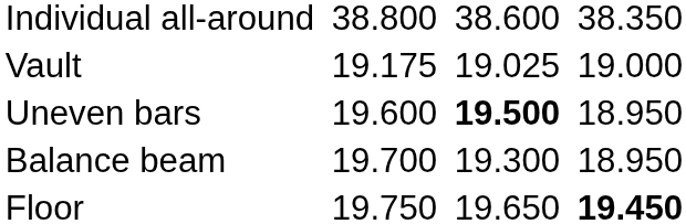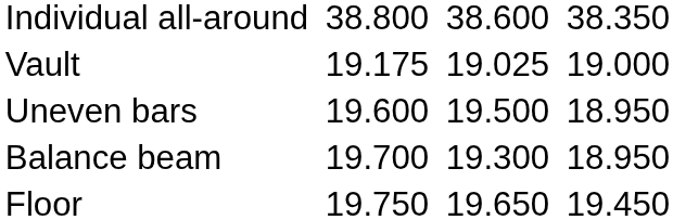 <table>
 <tr>
 <td>Individual all-around</td>
 <td></td>
 <td>38.800</td>
 <td></td>
 <td>38.600</td>
 <td></td>
 <td>38.350</td>
 </tr>
 <tr>
 <td>Vault</td>
 <td></td>
 <td>19.175</td>
 <td></td>
 <td>19.025</td>
 <td></td>
 <td>19.000</td>
 </tr>
 <tr>
 <td>Uneven bars</td>
 <td></td>
 <td>19.600</td>
 <td></td>
-<td><strong>19.500</strong></td>
+<td>19.500</td>
 <td></td>
 <td>18.950</td>
 </tr>
 <tr>
 <td>Balance beam</td>
 <td></td>
 <td>19.700</td>
 <td></td>
 <td>19.300</td>
 <td></td>
 <td>18.950</td>
 </tr>
 <tr>
 <td>Floor</td>
 <td></td>
 <td>19.750</td>
 <td></td>
 <td>19.650</td>
 <td></td>
-<td><strong>19.450</strong></td>
+<td>19.450</td>
 </tr>
 </table>
